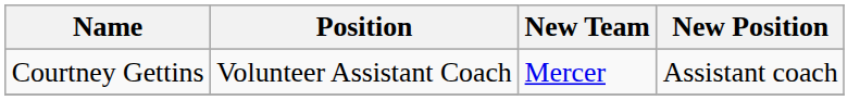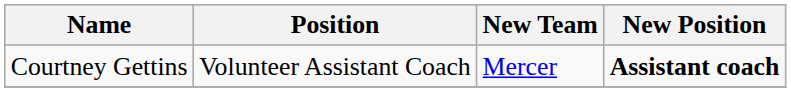 <table class="wikitable">
 <tr>
 <th style="text-align:center; ">Name</th>
 <th style="text-align:center; ">Position</th>
 <th style="text-align:center; ">New Team</th>
 <th style="text-align:center; ">New Position</th>
 </tr>
 <tr>
 <td>Courtney Gettins</td>
 <td>Volunteer Assistant Coach</td>
 <td><a href='#'>Mercer</a></td>
-<td>Assistant coach</td>
+<td><strong>Assistant coach</strong></td>
 </tr>
 <tr>
 </tr>
 </table>
